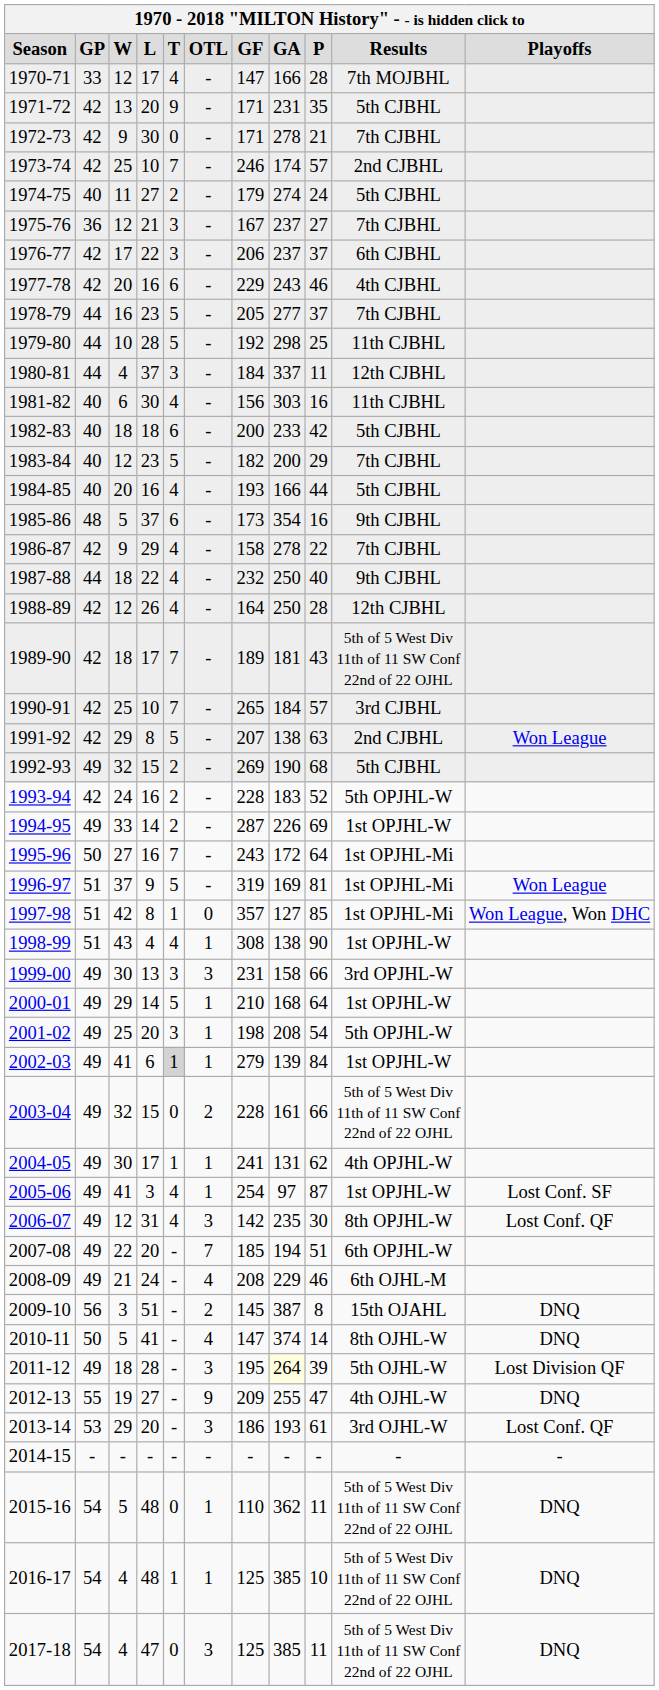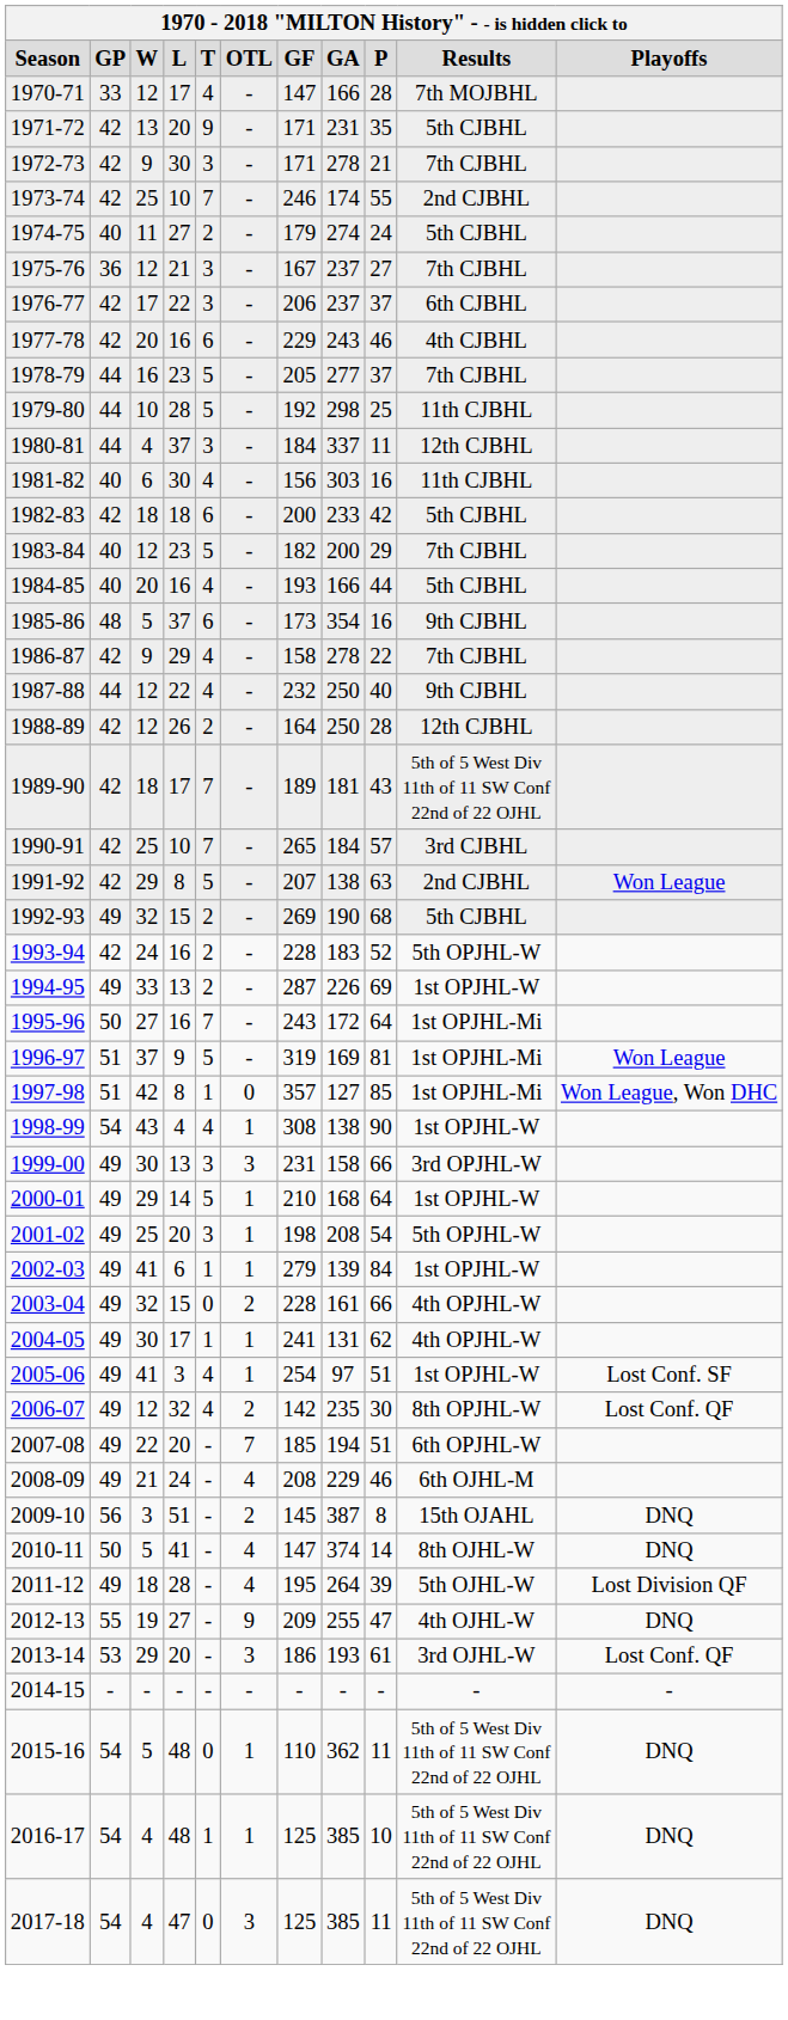 <table class="wikitable collapsible collapsed" style="text-align:center;">
 <tr>
 <th colspan=12 bgcolor="#822433" text_color=white><strong>1970 - 2018    "MILTON History"  -</strong> <small>- is hidden click to </small></th>
 </tr>
 <tr style="text-align:center; background:#ddd;">
 <td><strong>Season</strong></td>
 <td><strong>GP</strong></td>
 <td><strong>W</strong></td>
 <td><strong>L</strong></td>
 <td><strong>T</strong></td>
 <td><strong>OTL</strong></td>
 <td><strong>GF</strong></td>
 <td><strong>GA</strong></td>
 <td><strong>P</strong></td>
 <td><strong>Results</strong></td>
 <td><strong>Playoffs</strong></td>
 </tr>
 <tr style="text-align:center; background:#eee;">
 <td>1970-71</td>
 <td>33</td>
 <td>12</td>
 <td>17</td>
 <td>4</td>
 <td>-</td>
 <td>147</td>
 <td>166</td>
 <td>28</td>
 <td>7th MOJBHL</td>
 <td></td>
 </tr>
 <tr style="text-align:center; background:#eee;">
 <td>1971-72</td>
 <td>42</td>
 <td>13</td>
 <td>20</td>
 <td>9</td>
 <td>-</td>
 <td>171</td>
 <td>231</td>
 <td>35</td>
 <td>5th CJBHL</td>
 <td></td>
 </tr>
 <tr style="text-align:center; background:#eee;">
 <td>1972-73</td>
 <td>42</td>
 <td>9</td>
 <td>30</td>
-<td>0</td>
+<td>3</td>
 <td>-</td>
 <td>171</td>
 <td>278</td>
 <td>21</td>
 <td>7th CJBHL</td>
 <td></td>
 </tr>
 <tr style="text-align:center; background:#eee;">
 <td>1973-74</td>
 <td>42</td>
 <td>25</td>
 <td>10</td>
 <td>7</td>
 <td>-</td>
 <td>246</td>
 <td>174</td>
-<td>57</td>
+<td>55</td>
 <td>2nd CJBHL</td>
 <td></td>
 </tr>
 <tr style="text-align:center; background:#eee;">
 <td>1974-75</td>
 <td>40</td>
 <td>11</td>
 <td>27</td>
 <td>2</td>
 <td>-</td>
 <td>179</td>
 <td>274</td>
 <td>24</td>
 <td>5th CJBHL</td>
 <td></td>
 </tr>
 <tr style="text-align:center; background:#eee;">
 <td>1975-76</td>
 <td>36</td>
 <td>12</td>
 <td>21</td>
 <td>3</td>
 <td>-</td>
 <td>167</td>
 <td>237</td>
 <td>27</td>
 <td>7th CJBHL</td>
 <td></td>
 </tr>
 <tr style="text-align:center; background:#eee;">
 <td>1976-77</td>
 <td>42</td>
 <td>17</td>
 <td>22</td>
 <td>3</td>
 <td>-</td>
 <td>206</td>
 <td>237</td>
 <td>37</td>
 <td>6th CJBHL</td>
 <td></td>
 </tr>
 <tr style="text-align:center; background:#eee;">
 <td>1977-78</td>
 <td>42</td>
 <td>20</td>
 <td>16</td>
 <td>6</td>
 <td>-</td>
 <td>229</td>
 <td>243</td>
 <td>46</td>
 <td>4th CJBHL</td>
 <td></td>
 </tr>
 <tr style="text-align:center; background:#eee;">
 <td>1978-79</td>
 <td>44</td>
 <td>16</td>
 <td>23</td>
 <td>5</td>
 <td>-</td>
 <td>205</td>
 <td>277</td>
 <td>37</td>
 <td>7th CJBHL</td>
 <td></td>
 </tr>
 <tr style="text-align:center; background:#eee;">
 <td>1979-80</td>
 <td>44</td>
 <td>10</td>
 <td>28</td>
 <td>5</td>
 <td>-</td>
 <td>192</td>
 <td>298</td>
 <td>25</td>
 <td>11th CJBHL</td>
 <td></td>
 </tr>
 <tr style="text-align:center; background:#eee;">
 <td>1980-81</td>
 <td>44</td>
 <td>4</td>
 <td>37</td>
 <td>3</td>
 <td>-</td>
 <td>184</td>
 <td>337</td>
 <td>11</td>
 <td>12th CJBHL</td>
 <td></td>
 </tr>
 <tr style="text-align:center; background:#eee;">
 <td>1981-82</td>
 <td>40</td>
 <td>6</td>
 <td>30</td>
 <td>4</td>
 <td>-</td>
 <td>156</td>
 <td>303</td>
 <td>16</td>
 <td>11th CJBHL</td>
 <td></td>
 </tr>
 <tr style="text-align:center; background:#eee;">
 <td>1982-83</td>
-<td>40</td>
+<td>42</td>
 <td>18</td>
 <td>18</td>
 <td>6</td>
 <td>-</td>
 <td>200</td>
 <td>233</td>
 <td>42</td>
 <td>5th CJBHL</td>
 <td></td>
 </tr>
 <tr style="text-align:center; background:#eee;">
 <td>1983-84</td>
 <td>40</td>
 <td>12</td>
 <td>23</td>
 <td>5</td>
 <td>-</td>
 <td>182</td>
 <td>200</td>
 <td>29</td>
 <td>7th CJBHL</td>
 <td></td>
 </tr>
 <tr style="text-align:center; background:#eee;">
 <td>1984-85</td>
 <td>40</td>
 <td>20</td>
 <td>16</td>
 <td>4</td>
 <td>-</td>
 <td>193</td>
 <td>166</td>
 <td>44</td>
 <td>5th CJBHL</td>
 <td></td>
 </tr>
 <tr style="text-align:center; background:#eee;">
 <td>1985-86</td>
 <td>48</td>
 <td>5</td>
 <td>37</td>
 <td>6</td>
 <td>-</td>
 <td>173</td>
 <td>354</td>
 <td>16</td>
 <td>9th CJBHL</td>
 <td></td>
 </tr>
 <tr style="text-align:center; background:#eee;">
 <td>1986-87</td>
 <td>42</td>
 <td>9</td>
 <td>29</td>
 <td>4</td>
 <td>-</td>
 <td>158</td>
 <td>278</td>
 <td>22</td>
 <td>7th CJBHL</td>
 <td></td>
 </tr>
 <tr style="text-align:center; background:#eee;">
 <td>1987-88</td>
 <td>44</td>
-<td>18</td>
+<td>12</td>
 <td>22</td>
 <td>4</td>
 <td>-</td>
 <td>232</td>
 <td>250</td>
 <td>40</td>
 <td>9th CJBHL</td>
 <td></td>
 </tr>
 <tr style="text-align:center; background:#eee;">
 <td>1988-89</td>
 <td>42</td>
 <td>12</td>
 <td>26</td>
-<td>4</td>
+<td>2</td>
 <td>-</td>
 <td>164</td>
 <td>250</td>
 <td>28</td>
 <td>12th CJBHL</td>
 <td></td>
 </tr>
 <tr style="text-align:center; background:#eee;">
 <td>1989-90</td>
 <td>42</td>
 <td>18</td>
 <td>17</td>
 <td>7</td>
 <td>-</td>
 <td>189</td>
 <td>181</td>
 <td>43</td>
 <td><small>5th of 5 West Div<br>11th of 11 SW Conf<br>22nd of 22 OJHL</small></td>
 <td></td>
 </tr>
 <tr style="text-align:center; background:#eee;">
 <td>1990-91</td>
 <td>42</td>
 <td>25</td>
 <td>10</td>
 <td>7</td>
 <td>-</td>
 <td>265</td>
 <td>184</td>
 <td>57</td>
 <td>3rd CJBHL</td>
 <td></td>
 </tr>
 <tr style="text-align:center; background:#eee;">
 <td>1991-92</td>
 <td>42</td>
 <td>29</td>
 <td>8</td>
 <td>5</td>
 <td>-</td>
 <td>207</td>
 <td>138</td>
 <td>63</td>
 <td>2nd CJBHL</td>
 <td><a href='#'>Won League</a></td>
 </tr>
 <tr style="text-align:center; background:#eee;">
 <td>1992-93</td>
 <td>49</td>
 <td>32</td>
 <td>15</td>
 <td>2</td>
 <td>-</td>
 <td>269</td>
 <td>190</td>
 <td>68</td>
 <td>5th CJBHL</td>
 <td></td>
 </tr>
 <tr style="text-align:center;">
 <td><a href='#'>1993-94</a></td>
 <td>42</td>
 <td>24</td>
 <td>16</td>
 <td>2</td>
 <td>-</td>
 <td>228</td>
 <td>183</td>
 <td>52</td>
 <td>5th OPJHL-W</td>
 <td></td>
 </tr>
 <tr style="text-align:center;">
 <td><a href='#'>1994-95</a></td>
 <td>49</td>
 <td>33</td>
-<td>14</td>
+<td>13</td>
 <td>2</td>
 <td>-</td>
 <td>287</td>
 <td>226</td>
 <td>69</td>
 <td>1st OPJHL-W</td>
 <td></td>
 </tr>
 <tr style="text-align:center;">
 <td><a href='#'>1995-96</a></td>
 <td>50</td>
 <td>27</td>
 <td>16</td>
 <td>7</td>
 <td>-</td>
 <td>243</td>
 <td>172</td>
 <td>64</td>
 <td>1st OPJHL-Mi</td>
 <td></td>
 </tr>
 <tr style="text-align:center;">
 <td><a href='#'>1996-97</a></td>
 <td>51</td>
 <td>37</td>
 <td>9</td>
 <td>5</td>
 <td>-</td>
 <td>319</td>
 <td>169</td>
 <td>81</td>
 <td>1st OPJHL-Mi</td>
 <td><a href='#'>Won League</a></td>
 </tr>
 <tr style="text-align:center;">
 <td><a href='#'>1997-98</a></td>
 <td>51</td>
 <td>42</td>
 <td>8</td>
 <td>1</td>
 <td>0</td>
 <td>357</td>
 <td>127</td>
 <td>85</td>
 <td>1st OPJHL-Mi</td>
 <td><a href='#'>Won League</a>, Won <a href='#'>DHC</a></td>
 </tr>
 <tr style="text-align:center;">
 <td><a href='#'>1998-99</a></td>
-<td>51</td>
+<td>54</td>
 <td>43</td>
 <td>4</td>
 <td>4</td>
 <td>1</td>
 <td>308</td>
 <td>138</td>
 <td>90</td>
 <td>1st OPJHL-W</td>
 <td></td>
 </tr>
 <tr style="text-align:center;">
 <td><a href='#'>1999-00</a></td>
 <td>49</td>
 <td>30</td>
 <td>13</td>
 <td>3</td>
 <td>3</td>
 <td>231</td>
 <td>158</td>
 <td>66</td>
 <td>3rd OPJHL-W</td>
 <td></td>
 </tr>
 <tr style="text-align:center;">
 <td><a href='#'>2000-01</a></td>
 <td>49</td>
 <td>29</td>
 <td>14</td>
 <td>5</td>
 <td>1</td>
 <td>210</td>
 <td>168</td>
 <td>64</td>
 <td>1st OPJHL-W</td>
 <td></td>
 </tr>
 <tr style="text-align:center;">
 <td><a href='#'>2001-02</a></td>
 <td>49</td>
 <td>25</td>
 <td>20</td>
 <td>3</td>
 <td>1</td>
 <td>198</td>
 <td>208</td>
 <td>54</td>
 <td>5th OPJHL-W</td>
 <td></td>
 </tr>
 <tr style="text-align:center;">
 <td><a href='#'>2002-03</a></td>
 <td>49</td>
 <td>41</td>
 <td>6</td>
-<td style="background: lightgrey;">1</td>
+<td>1</td>
 <td>1</td>
 <td>279</td>
 <td>139</td>
 <td>84</td>
 <td>1st OPJHL-W</td>
 <td></td>
 </tr>
 <tr style="text-align:center;">
 <td><a href='#'>2003-04</a></td>
 <td>49</td>
 <td>32</td>
 <td>15</td>
 <td>0</td>
 <td>2</td>
 <td>228</td>
 <td>161</td>
 <td>66</td>
-<td><small>5th of 5 West Div<br>11th of 11 SW Conf<br>22nd of 22 OJHL</small></td>
+<td>4th OPJHL-W</td>
 <td></td>
 </tr>
 <tr style="text-align:center;">
 <td><a href='#'>2004-05</a></td>
 <td>49</td>
 <td>30</td>
 <td>17</td>
 <td>1</td>
 <td>1</td>
 <td>241</td>
 <td>131</td>
 <td>62</td>
 <td>4th OPJHL-W</td>
 <td></td>
 </tr>
 <tr style="text-align:center;">
 <td><a href='#'>2005-06</a></td>
 <td>49</td>
 <td>41</td>
 <td>3</td>
 <td>4</td>
 <td>1</td>
 <td>254</td>
 <td>97</td>
-<td>87</td>
+<td>51</td>
 <td>1st OPJHL-W</td>
 <td>Lost Conf. SF</td>
 </tr>
 <tr style="text-align:center;">
 <td><a href='#'>2006-07</a></td>
 <td>49</td>
 <td>12</td>
-<td>31</td>
+<td>32</td>
 <td>4</td>
-<td>3</td>
+<td>2</td>
 <td>142</td>
 <td>235</td>
 <td>30</td>
 <td>8th OPJHL-W</td>
 <td>Lost Conf. QF</td>
 </tr>
 <tr style="text-align:center;">
 <td>2007-08</td>
 <td>49</td>
 <td>22</td>
 <td>20</td>
 <td>-</td>
 <td>7</td>
 <td>185</td>
 <td>194</td>
 <td>51</td>
 <td>6th OPJHL-W</td>
 <td></td>
 </tr>
 <tr style="text-align:center;">
 <td>2008-09</td>
 <td>49</td>
 <td>21</td>
 <td>24</td>
 <td>-</td>
 <td>4</td>
 <td>208</td>
 <td>229</td>
 <td>46</td>
 <td>6th OJHL-M</td>
 <td></td>
 </tr>
 <tr style="text-align:center;">
 <td>2009-10</td>
 <td>56</td>
 <td>3</td>
 <td>51</td>
 <td>-</td>
 <td>2</td>
 <td>145</td>
 <td>387</td>
 <td>8</td>
 <td>15th OJAHL</td>
 <td>DNQ</td>
 </tr>
 <tr style="text-align:center;">
 <td>2010-11</td>
 <td>50</td>
 <td>5</td>
 <td>41</td>
 <td>-</td>
 <td>4</td>
 <td>147</td>
 <td>374</td>
 <td>14</td>
 <td>8th OJHL-W</td>
 <td>DNQ</td>
 </tr>
 <tr style="text-align:center;">
 <td>2011-12</td>
 <td>49</td>
 <td>18</td>
 <td>28</td>
 <td>-</td>
-<td>3</td>
+<td>4</td>
 <td>195</td>
-<td style="background: lightyellow;">264</td>
+<td>264</td>
 <td>39</td>
 <td>5th OJHL-W</td>
 <td>Lost Division QF</td>
 </tr>
 <tr style="text-align:center;">
 <td>2012-13</td>
 <td>55</td>
 <td>19</td>
 <td>27</td>
 <td>-</td>
 <td>9</td>
 <td>209</td>
 <td>255</td>
 <td>47</td>
 <td>4th OJHL-W</td>
 <td>DNQ</td>
 </tr>
 <tr style="text-align:center;">
 <td>2013-14</td>
 <td>53</td>
 <td>29</td>
 <td>20</td>
 <td>-</td>
 <td>3</td>
 <td>186</td>
 <td>193</td>
 <td>61</td>
 <td>3rd OJHL-W</td>
 <td>Lost Conf. QF</td>
 </tr>
 <tr style="text-align:center;">
 <td>2014-15</td>
 <td>-</td>
 <td>-</td>
 <td>-</td>
 <td>-</td>
 <td>-</td>
 <td>-</td>
 <td>-</td>
 <td>-</td>
 <td>-</td>
 <td>-</td>
 </tr>
 <tr style="text-align:center;">
 <td>2015-16</td>
 <td>54</td>
 <td>5</td>
 <td>48</td>
 <td>0</td>
 <td>1</td>
 <td>110</td>
 <td>362</td>
 <td>11</td>
 <td><small>5th of 5 West Div<br>11th of 11 SW Conf<br>22nd of 22 OJHL</small></td>
 <td>DNQ</td>
 </tr>
 <tr style="text-align:center;">
 <td>2016-17</td>
 <td>54</td>
 <td>4</td>
 <td>48</td>
 <td>1</td>
 <td>1</td>
 <td>125</td>
 <td>385</td>
 <td>10</td>
 <td><small>5th of 5 West Div<br>11th of 11 SW Conf<br>22nd of 22 OJHL</small></td>
 <td>DNQ</td>
 </tr>
 <tr style="text-align:center;">
 <td>2017-18</td>
 <td>54</td>
 <td>4</td>
 <td>47</td>
 <td>0</td>
 <td>3</td>
 <td>125</td>
 <td>385</td>
 <td>11</td>
 <td><small>5th of 5 West Div<br>11th of 11 SW Conf<br>22nd of 22 OJHL</small></td>
 <td>DNQ</td>
 </tr>
 </table>
